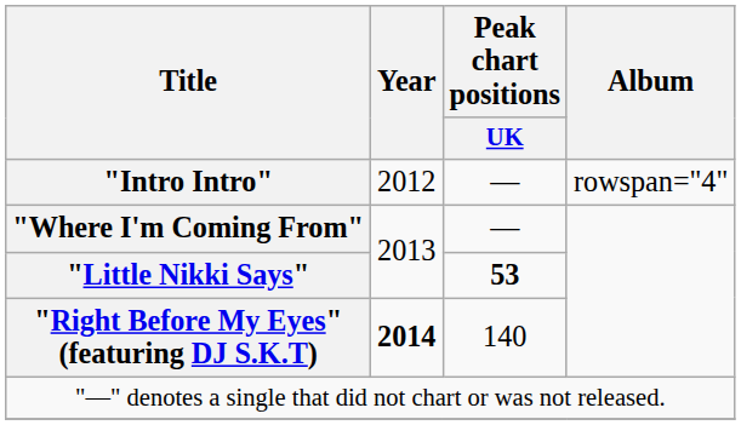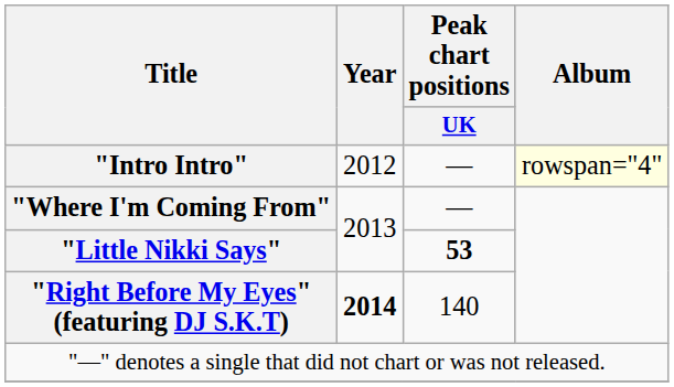 <table class="wikitable plainrowheaders" style="text-align:center;">
 <tr>
 <th scope="col" rowspan="2">Title</th>
 <th scope="col" rowspan="2">Year</th>
 <th scope="col" colspan="1">Peak chart positions</th>
 <th scope="col" rowspan="2">Album</th>
 </tr>
 <tr>
 <th scope="col" style="width:3em;font-size:85%;"><a href='#'>UK</a><br></th>
 </tr>
 <tr>
 <th scope="row">"Intro Intro"</th>
 <td>2012</td>
 <td>—</td>
-<td>rowspan="4" </td>
+<td style="background: lightyellow;">rowspan="4" </td>
 </tr>
 <tr>
 <th scope="row">"Where I'm Coming From"</th>
 <td rowspan="2">2013</td>
 <td>—</td>
 </tr>
 <tr>
 <th scope="row">"<a href='#'>Little Nikki Says</a>"</th>
 <td><strong>53</strong></td>
 </tr>
 <tr>
 <th scope="row">"<a href='#'>Right Before My Eyes</a>"<br><span>(featuring <a href='#'>DJ S.K.T</a>)</span></th>
 <td><strong>2014</strong></td>
 <td>140</td>
 </tr>
 <tr>
 <td colspan="18" style="font-size:85%">"—" denotes a single that did not chart or was not released.</td>
 </tr>
 <tr>
 </tr>
 </table>
